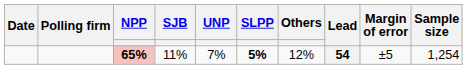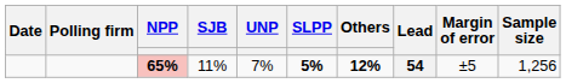 <table class="wikitable" style="text-align:center;font-size:90%;line-height:14px">
 <tr style="height:40px;">
 <th rowspan=2>Date</th>
 <th rowspan=2>Polling firm</th>
 <th style="width:40px;"><a href='#'>NPP</a></th>
 <th style="width:40px;"><a href='#'>SJB</a></th>
 <th style="width:40px;"><a href='#'>UNP</a></th>
 <th style="width:40px;"><a href='#'>SLPP</a></th>
 <th style="width:40px;">Others</th>
 <th rowspan="2" data-sort-type="number">Lead</th>
 <th rowspan="2">Margin<br>of error</th>
 <th rowspan="2">Sample<br>size</th>
 </tr>
 <tr>
 <th style="background:"></th>
 <th style="background:"></th>
 <th style="background:"></th>
 <th style="background:"></th>
 <th style="background:"></th>
 </tr>
 <tr>
 <td></td>
 <td></td>
 <td style="background:rgb(248, 193, 190)"><strong>65%</strong></td>
 <td>11%</td>
 <td>7%</td>
 <td><strong>5%</strong></td>
-<td>12%</td>
+<td><strong>12%</strong></td>
 <th style="background:">54</th>
 <td>±5</td>
-<td style="text-align:right;">1,254</td>
+<td style="text-align:right;">1,256</td>
 </tr>
 </table>
